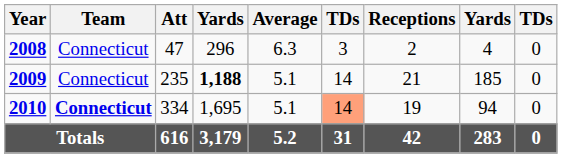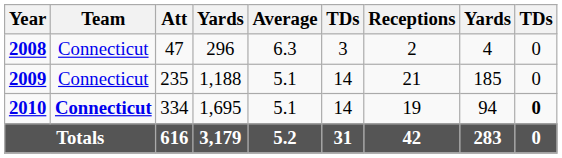 <table class="wikitable" style="text-align:center;">
 <tr>
 <th>Year</th>
 <th>Team</th>
 <th>Att</th>
 <th>Yards</th>
 <th>Average</th>
 <th>TDs</th>
 <th>Receptions</th>
 <th>Yards</th>
 <th>TDs</th>
 </tr>
 <tr>
 <td><strong><a href='#'>2008</a></strong></td>
 <td><a href='#'>Connecticut</a></td>
 <td>47</td>
 <td>296</td>
 <td>6.3</td>
 <td>3</td>
 <td>2</td>
 <td>4</td>
 <td>0</td>
 </tr>
 <tr>
 <td><strong><a href='#'>2009</a></strong></td>
 <td><a href='#'>Connecticut</a></td>
 <td>235</td>
-<td><strong>1,188</strong></td>
+<td>1,188</td>
 <td>5.1</td>
 <td>14</td>
 <td>21</td>
 <td>185</td>
 <td>0</td>
 </tr>
 <tr>
 <td><strong><a href='#'>2010</a></strong></td>
 <td><strong><a href='#'>Connecticut</a></strong></td>
 <td>334</td>
 <td>1,695</td>
 <td>5.1</td>
-<td style="background: lightsalmon;">14</td>
+<td>14</td>
 <td>19</td>
 <td>94</td>
-<td>0</td>
+<td><strong>0</strong></td>
 </tr>
 <tr style="background:#555555;font-weight:bold;color:white;">
 <td colspan=2>Totals</td>
 <td>616</td>
 <td>3,179</td>
 <td>5.2</td>
 <td>31</td>
 <td>42</td>
 <td>283</td>
 <td>0</td>
 </tr>
 <tr style="background:#555555;font-weight:bold;color:white;">
 </tr>
 </table>
